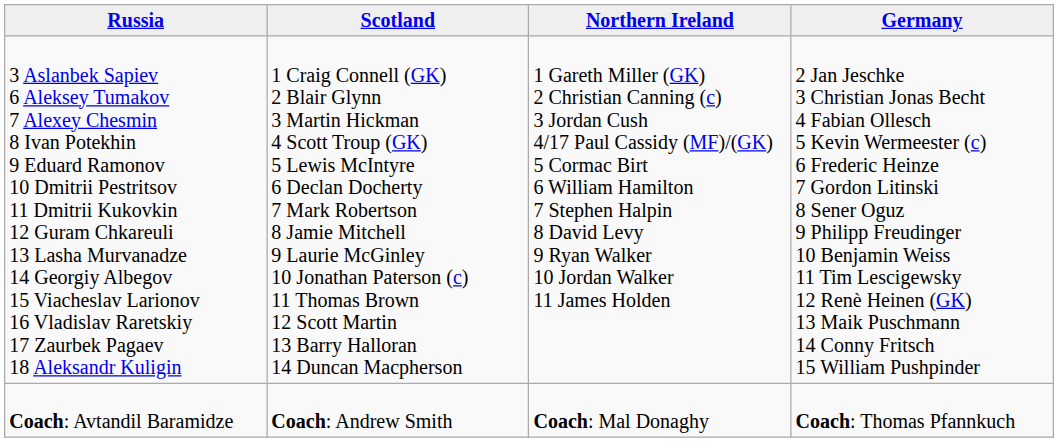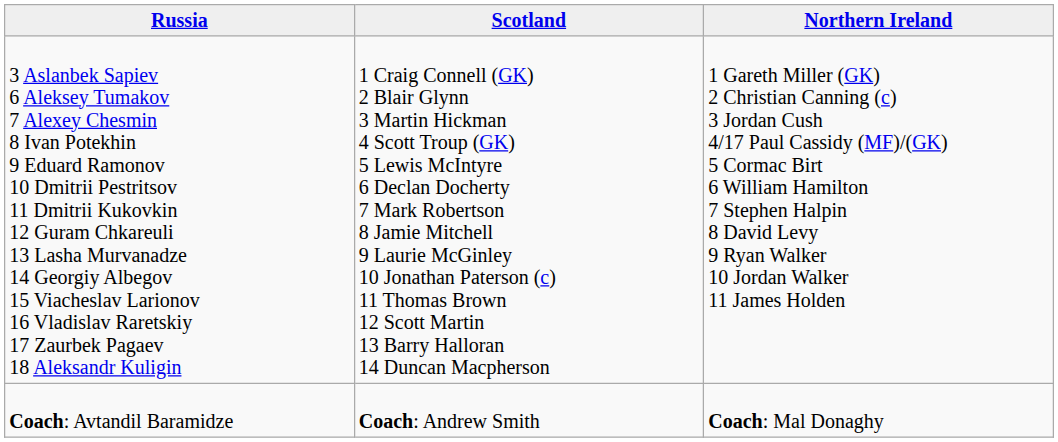 <table class="wikitable mw-collapsible mw-collapsed" cellpadding=5 cellspacing=0 style="width:95%;">
 <tr align=center>
 <td bgcolor="#efefef" width="200"><strong> <a href='#'>Russia</a></strong></td>
 <td bgcolor="#efefef" width="200"><strong> <a href='#'>Scotland</a></strong></td>
 <td bgcolor="#efefef" width="200"><strong> <a href='#'>Northern Ireland</a></strong></td>
-<td bgcolor="#efefef" width="200"><strong> <a href='#'>Germany</a></strong></td>
 </tr>
 <tr valign=top>
 <td><br>3 <a href='#'>Aslanbek Sapiev</a><br> 6 <a href='#'>Aleksey Tumakov</a><br> 7 <a href='#'>Alexey Chesmin</a><br> 8 Ivan Potekhin<br> 9 Eduard Ramonov<br> 10 Dmitrii Pestritsov<br> 11 Dmitrii Kukovkin<br> 12 Guram Chkareuli<br> 13 Lasha Murvanadze<br> 14 Georgiy Albegov<br> 15 Viacheslav Larionov<br> 16 Vladislav Raretskiy<br> 17 Zaurbek Pagaev<br> 18 <a href='#'>Aleksandr Kuligin</a></td>
 <td><br>1 Craig Connell (<a href='#'>GK</a>)<br> 2 Blair Glynn<br> 3 Martin Hickman<br> 4 Scott Troup (<a href='#'>GK</a>)<br> 5 Lewis McIntyre<br> 6 Declan Docherty<br> 7 Mark Robertson<br> 8 Jamie Mitchell<br> 9 Laurie McGinley<br> 10 Jonathan Paterson (<a href='#'>c</a>)<br> 11 Thomas Brown<br> 12 Scott Martin<br> 13 Barry Halloran<br> 14 Duncan Macpherson</td>
 <td><br>1 Gareth Miller (<a href='#'>GK</a>)<br> 2 Christian Canning (<a href='#'>c</a>)<br> 3 Jordan Cush<br> 4/17 Paul Cassidy (<a href='#'>MF</a>)/(<a href='#'>GK</a>)<br> 5 Cormac Birt<br> 6 William Hamilton<br> 7 Stephen Halpin<br> 8 David Levy<br> 9 Ryan Walker<br> 10 Jordan Walker<br> 11 James Holden</td>
-<td><br>2 Jan Jeschke<br> 3 Christian Jonas Becht<br> 4 Fabian Ollesch<br> 5 Kevin Wermeester (<a href='#'>c</a>)<br> 6 Frederic Heinze<br> 7 Gordon Litinski<br> 8 Sener Oguz<br> 9 Philipp Freudinger<br> 10 Benjamin Weiss<br> 11 Tim Lescigewsky<br> 12 Renè Heinen (<a href='#'>GK</a>)<br> 13 Maik Puschmann<br> 14 Conny Fritsch<br> 15 William Pushpinder</td>
 </tr>
 <tr valign=top>
 <td><br><strong>Coach</strong>: Avtandil Baramidze</td>
 <td><br><strong>Coach</strong>: Andrew Smith</td>
 <td><br><strong>Coach</strong>: Mal Donaghy</td>
-<td><br><strong>Coach</strong>: Thomas Pfannkuch</td>
 </tr>
 </table>
